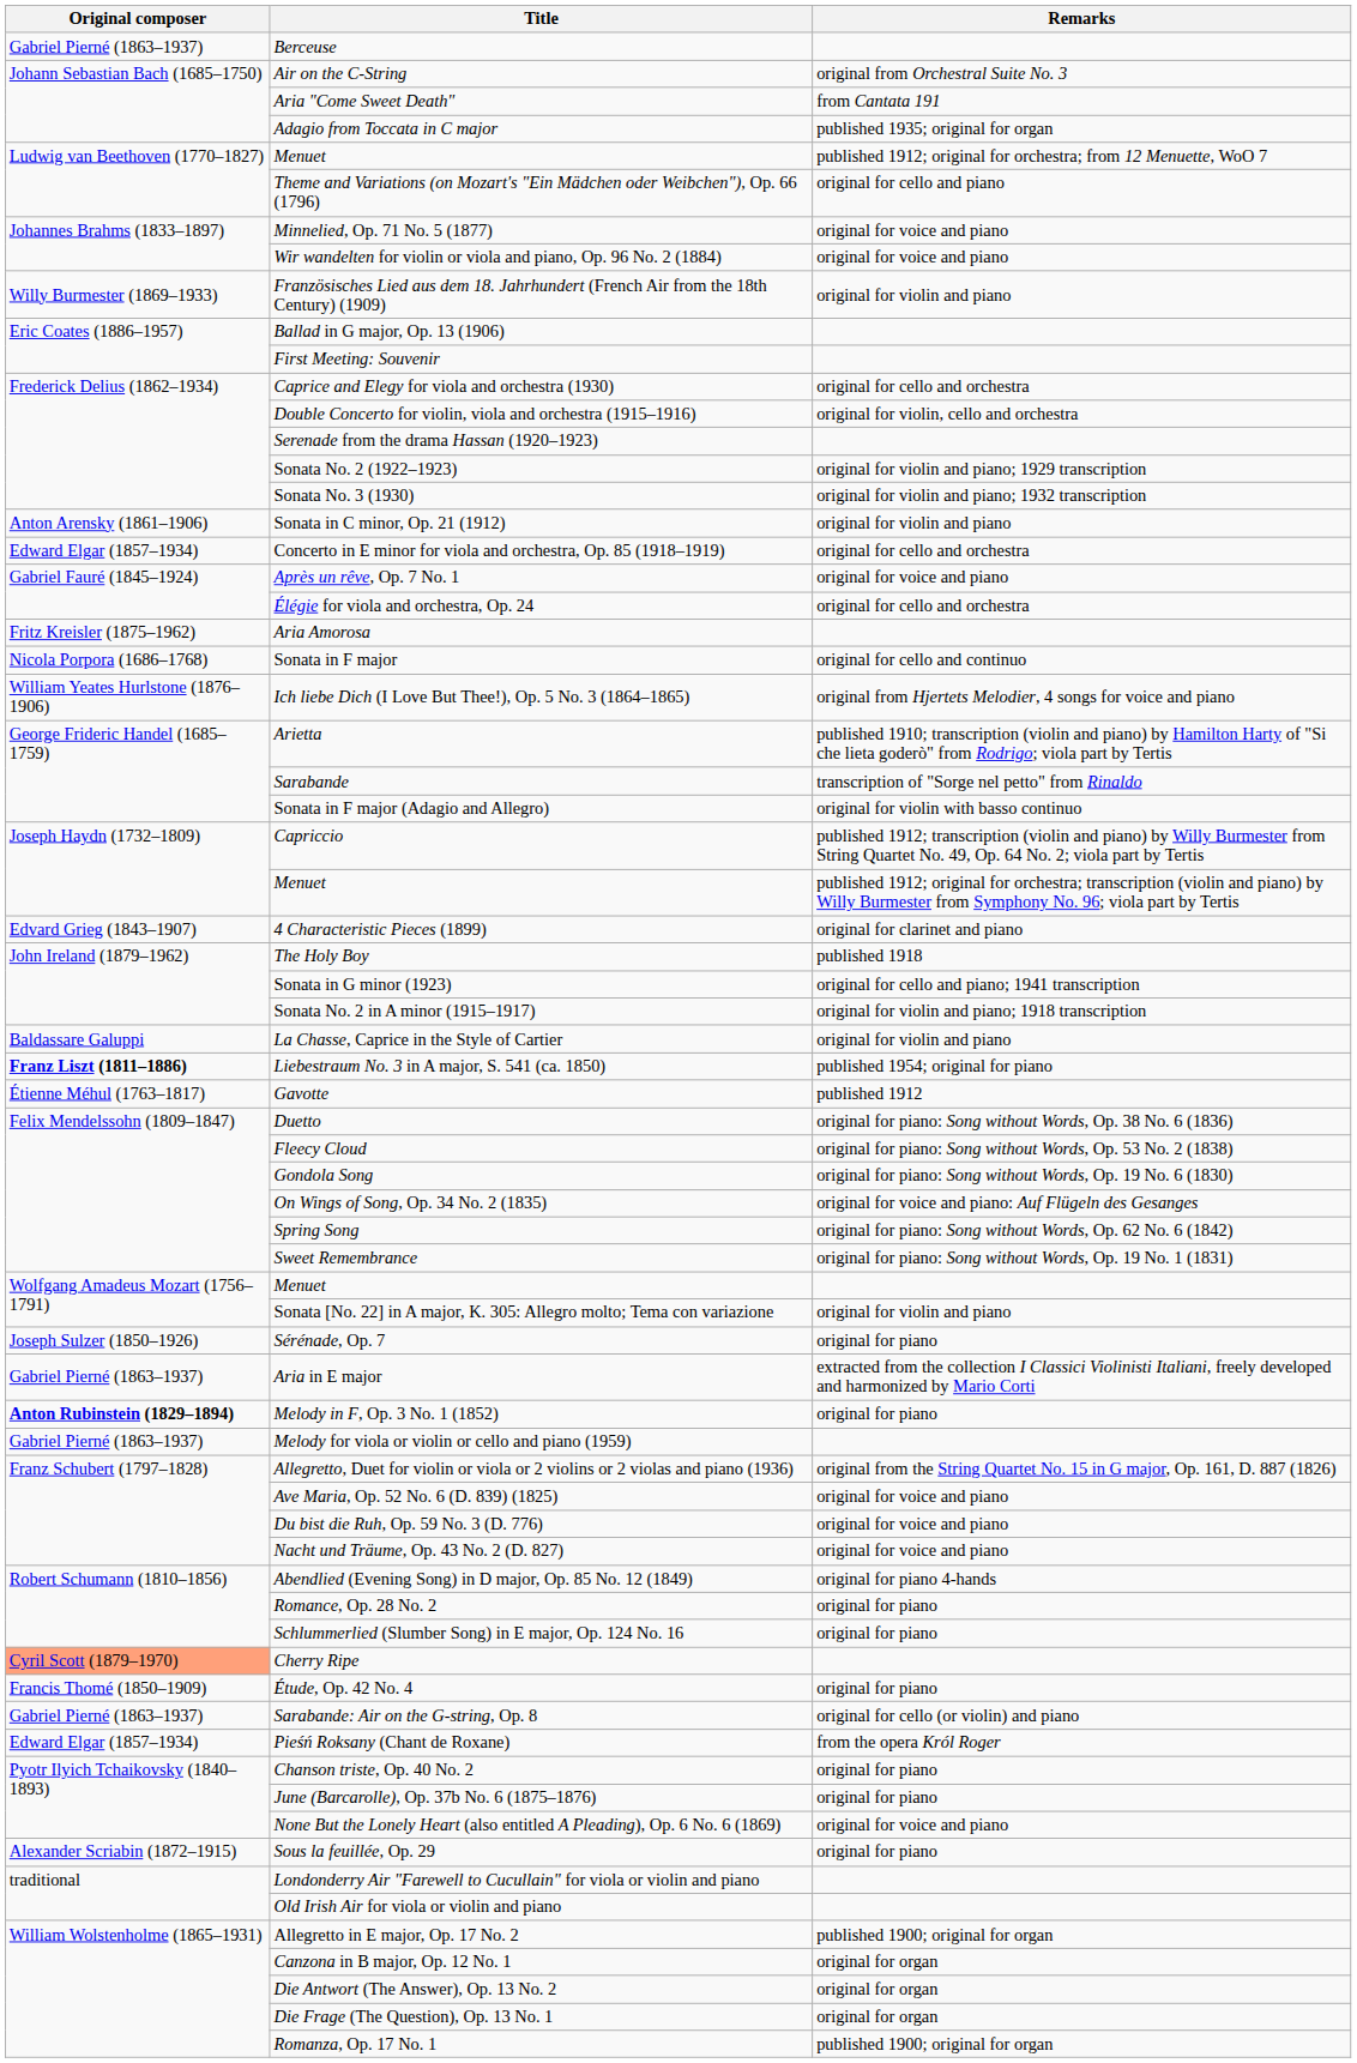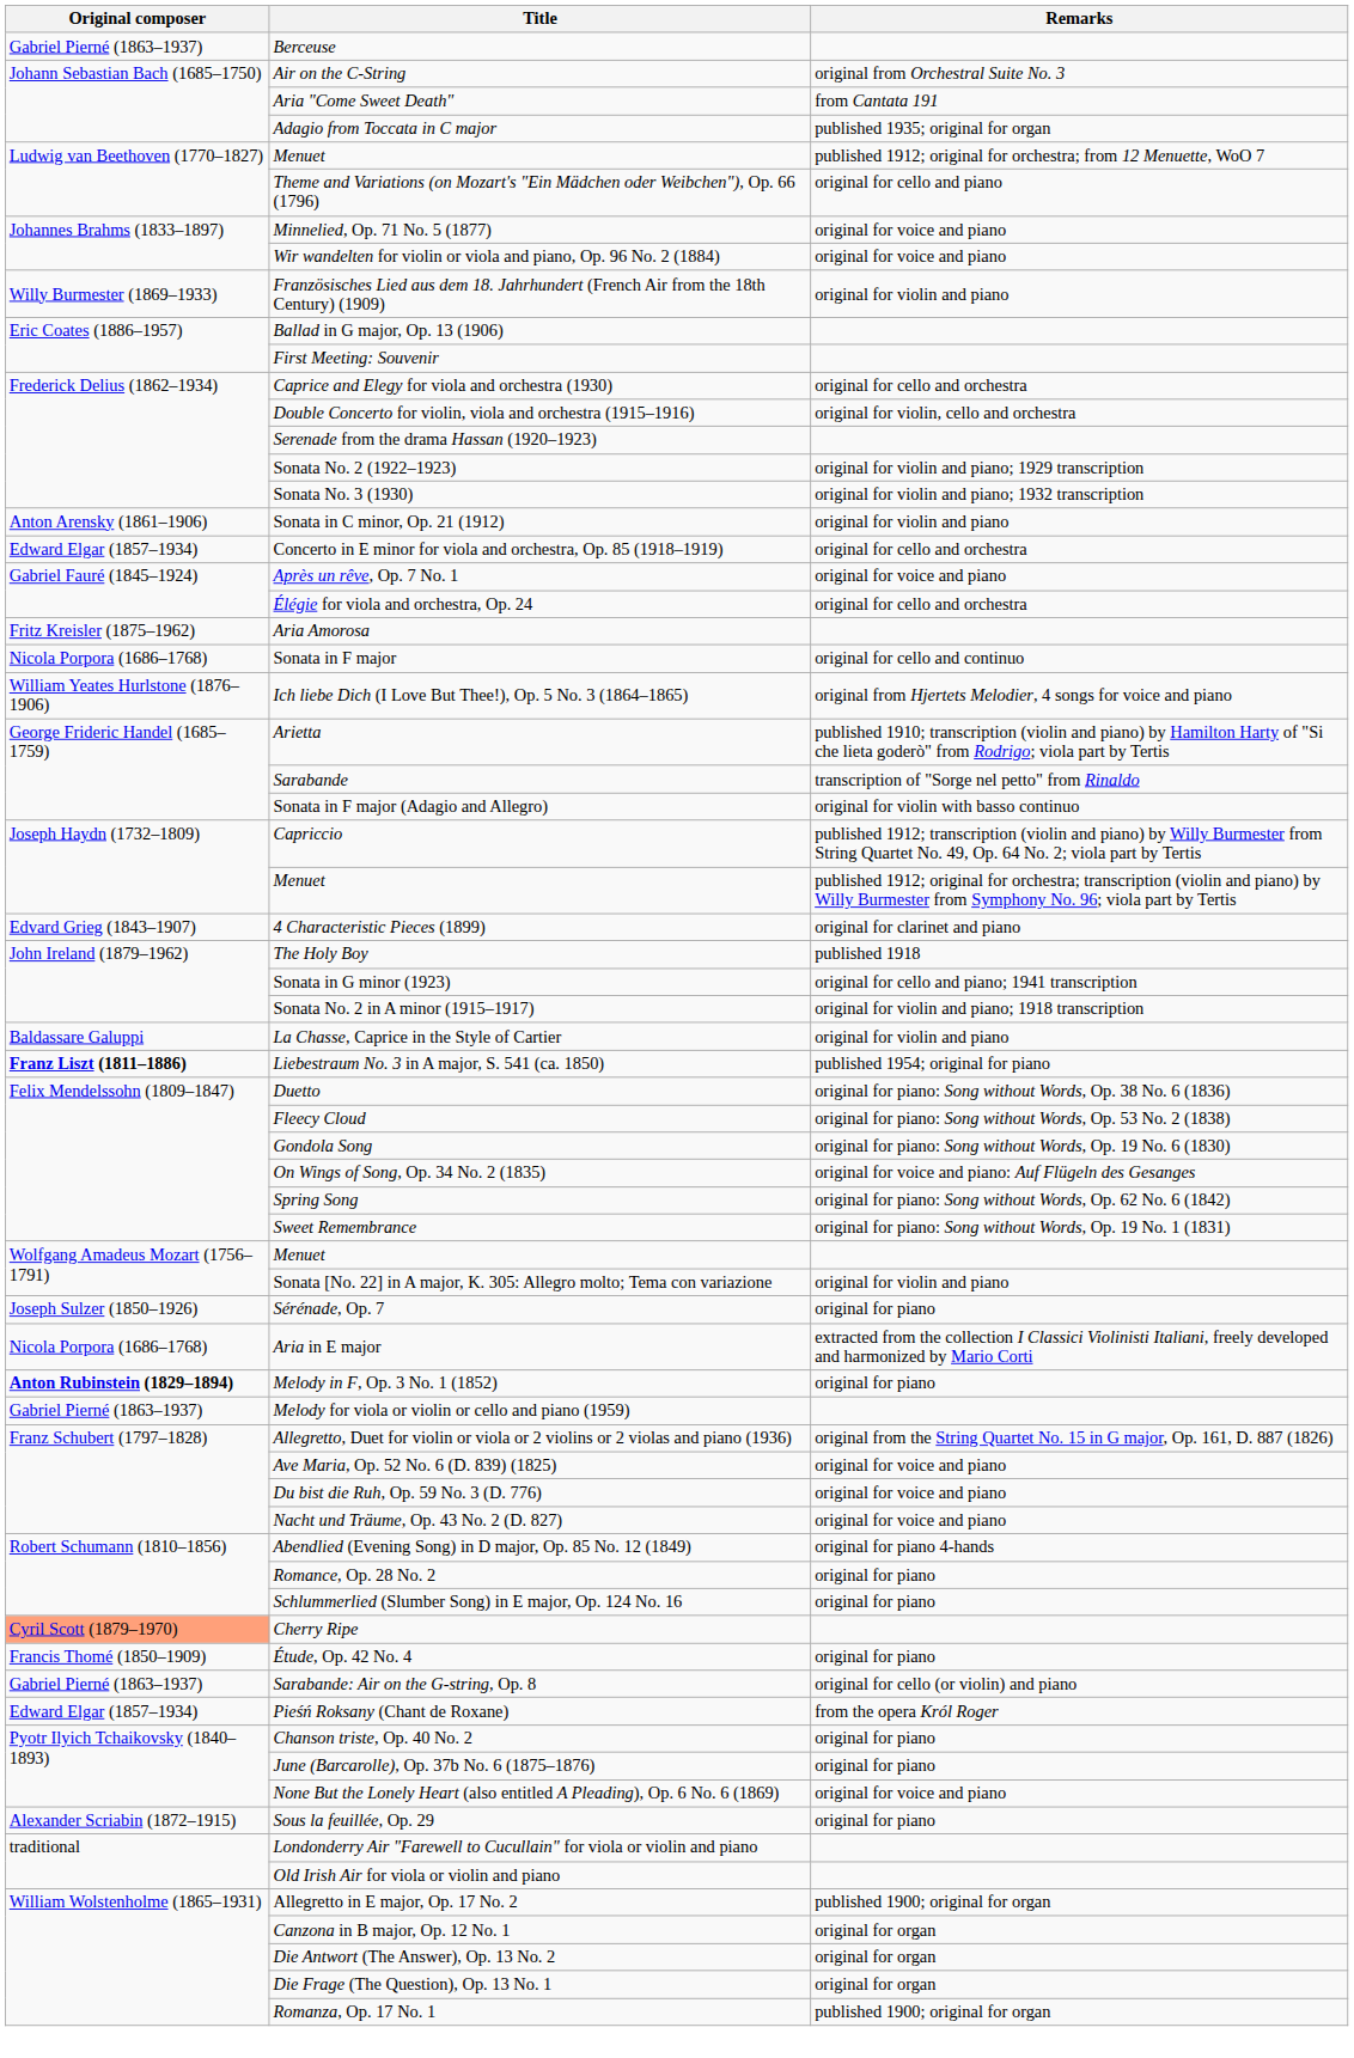 <table class="wikitable" style="margins:auto; width=95%;">
 <tr>
 <th>Original composer</th>
 <th>Title</th>
 <th width="40%">Remarks</th>
 </tr>
 <tr>
 <td><a href='#'>Gabriel Pierné</a> (1863–1937)</td>
 <td><em>Berceuse</em></td>
 <td> </td>
 </tr>
 <tr>
 <td rowspan="3" valign="top"><a href='#'>Johann Sebastian Bach</a> (1685–1750)</td>
 <td><em>Air on the C-String</em></td>
 <td>original from <em>Orchestral Suite No. 3</em></td>
 </tr>
 <tr>
 <td><em>Aria "Come Sweet Death"</em></td>
 <td>from <em>Cantata 191</em></td>
 </tr>
 <tr>
 <td><em>Adagio from Toccata in C major</em></td>
 <td>published 1935; original for organ</td>
 </tr>
 <tr valign="top">
 <td rowspan="2"><a href='#'>Ludwig van Beethoven</a> (1770–1827)</td>
 <td><em>Menuet</em></td>
 <td>published 1912; original for orchestra; from <em>12 Menuette</em>, WoO 7</td>
 </tr>
 <tr valign="top">
 <td><em>Theme and Variations (on Mozart's "Ein Mädchen oder Weibchen")</em>, Op. 66 (1796)</td>
 <td>original for cello and piano</td>
 </tr>
 <tr>
 <td rowspan="2" valign="top"><a href='#'>Johannes Brahms</a> (1833–1897)</td>
 <td><em>Minnelied</em>, Op. 71 No. 5 (1877)</td>
 <td>original for voice and piano</td>
 </tr>
 <tr>
 <td><em>Wir wandelten</em> for violin or viola and piano, Op. 96 No. 2 (1884)</td>
 <td>original for voice and piano</td>
 </tr>
 <tr>
 <td><a href='#'>Willy Burmester</a> (1869–1933)</td>
 <td><em>Französisches Lied aus dem 18. Jahrhundert</em> (French Air from the 18th Century) (1909)</td>
 <td>original for violin and piano</td>
 </tr>
 <tr>
 <td rowspan="2" valign="top"><a href='#'>Eric Coates</a> (1886–1957)</td>
 <td><em>Ballad</em> in G major, Op. 13 (1906)</td>
 <td> </td>
 </tr>
 <tr>
 <td><em>First Meeting: Souvenir</em></td>
 <td> </td>
 </tr>
 <tr>
 <td rowspan="5" valign="top"><a href='#'>Frederick Delius</a> (1862–1934)</td>
 <td><em>Caprice and Elegy</em> for viola and orchestra (1930)</td>
 <td>original for cello and orchestra</td>
 </tr>
 <tr>
 <td><em>Double Concerto</em> for violin, viola and orchestra (1915–1916)</td>
 <td>original for violin, cello and orchestra</td>
 </tr>
 <tr>
 <td><em>Serenade</em> from the drama <em>Hassan</em> (1920–1923)</td>
 <td> </td>
 </tr>
 <tr>
 <td>Sonata No. 2 (1922–1923)</td>
 <td>original for violin and piano; 1929 transcription</td>
 </tr>
 <tr>
 <td>Sonata No. 3 (1930)</td>
 <td>original for violin and piano; 1932 transcription</td>
 </tr>
 <tr>
 <td><a href='#'>Anton Arensky</a> (1861–1906)</td>
 <td>Sonata in C minor, Op. 21 (1912)</td>
 <td>original for violin and piano</td>
 </tr>
 <tr>
 <td><a href='#'>Edward Elgar</a> (1857–1934)</td>
 <td>Concerto in E minor for viola and orchestra, Op. 85 (1918–1919)</td>
 <td>original for cello and orchestra</td>
 </tr>
 <tr>
 <td rowspan="2" valign="top"><a href='#'>Gabriel Fauré</a> (1845–1924)</td>
 <td><em><a href='#'>Après un rêve</a></em>, Op. 7 No. 1</td>
 <td>original for voice and piano</td>
 </tr>
 <tr>
 <td><em><a href='#'>Élégie</a></em> for viola and orchestra, Op. 24</td>
 <td>original for cello and orchestra</td>
 </tr>
 <tr>
 <td><a href='#'>Fritz Kreisler</a> (1875–1962)</td>
 <td><em>Aria Amorosa</em></td>
 <td> </td>
 </tr>
 <tr>
 <td><a href='#'>Nicola Porpora</a> (1686–1768)</td>
 <td>Sonata in F major</td>
 <td>original for cello and continuo</td>
 </tr>
 <tr>
 <td><a href='#'>William Yeates Hurlstone</a> (1876–1906)</td>
 <td><em>Ich liebe Dich</em> (I Love But Thee!), Op. 5 No. 3 (1864–1865)</td>
 <td>original from <em>Hjertets Melodier</em>, 4 songs for voice and piano</td>
 </tr>
 <tr valign="top">
 <td rowspan="3"><a href='#'>George Frideric Handel</a> (1685–1759)</td>
 <td><em>Arietta</em></td>
 <td>published 1910; transcription (violin and piano) by <a href='#'>Hamilton Harty</a> of "Si che lieta goderò" from <em><a href='#'>Rodrigo</a></em>; viola part by Tertis</td>
 </tr>
 <tr>
 <td><em>Sarabande</em></td>
 <td>transcription of "Sorge nel petto" from <em><a href='#'>Rinaldo</a></em></td>
 </tr>
 <tr>
 <td>Sonata in F major (Adagio and Allegro)</td>
 <td>original for violin with basso continuo</td>
 </tr>
 <tr valign="top">
 <td rowspan="2"><a href='#'>Joseph Haydn</a> (1732–1809)</td>
 <td><em>Capriccio</em></td>
 <td>published 1912; transcription (violin and piano) by <a href='#'>Willy Burmester</a> from String Quartet No. 49, Op. 64 No. 2; viola part by Tertis</td>
 </tr>
 <tr valign="top">
 <td><em>Menuet</em></td>
 <td>published 1912; original for orchestra; transcription (violin and piano) by <a href='#'>Willy Burmester</a> from <a href='#'>Symphony No. 96</a>; viola part by Tertis</td>
 </tr>
 <tr>
 <td><a href='#'>Edvard Grieg</a> (1843–1907)</td>
 <td><em>4 Characteristic Pieces</em> (1899)</td>
 <td>original for clarinet and piano</td>
 </tr>
 <tr>
 <td rowspan="3" valign="top"><a href='#'>John Ireland</a> (1879–1962)</td>
 <td><em>The Holy Boy</em></td>
 <td>published 1918</td>
 </tr>
 <tr>
 <td>Sonata in G minor (1923)</td>
 <td>original for cello and piano; 1941 transcription</td>
 </tr>
 <tr>
 <td>Sonata No. 2 in A minor (1915–1917)</td>
 <td>original for violin and piano; 1918 transcription</td>
 </tr>
 <tr>
 <td><a href='#'>Baldassare Galuppi</a></td>
 <td><em>La Chasse</em>, Caprice in the Style of Cartier</td>
 <td>original for violin and piano</td>
 </tr>
 <tr>
 <td><strong><a href='#'>Franz Liszt</a> (1811–1886)</strong></td>
 <td><em>Liebestraum No. 3</em> in A major, S. 541 (ca. 1850)</td>
 <td>published 1954; original for piano</td>
 </tr>
 <tr>
-<td><a href='#'>Étienne Méhul</a> (1763–1817)</td>
-<td><em>Gavotte</em></td>
-<td>published 1912</td>
-</tr>
-<tr>
 <td rowspan="6" valign="top"><a href='#'>Felix Mendelssohn</a> (1809–1847)</td>
 <td><em>Duetto</em></td>
 <td>original for piano: <em>Song without Words</em>, Op. 38 No. 6 (1836)</td>
 </tr>
 <tr>
 <td><em>Fleecy Cloud</em></td>
 <td>original for piano: <em>Song without Words</em>, Op. 53 No. 2 (1838)</td>
 </tr>
 <tr>
 <td><em>Gondola Song</em></td>
 <td>original for piano: <em>Song without Words</em>, Op. 19 No. 6 (1830)</td>
 </tr>
 <tr>
 <td><em>On Wings of Song</em>, Op. 34 No. 2 (1835)</td>
 <td>original for voice and piano: <em>Auf Flügeln des Gesanges</em></td>
 </tr>
 <tr>
 <td><em>Spring Song</em></td>
 <td>original for piano: <em>Song without Words</em>, Op. 62 No. 6 (1842)</td>
 </tr>
 <tr>
 <td><em>Sweet Remembrance</em></td>
 <td>original for piano: <em>Song without Words</em>, Op. 19 No. 1 (1831)</td>
 </tr>
 <tr>
 <td rowspan="2" valign="top"><a href='#'>Wolfgang Amadeus Mozart</a> (1756–1791)</td>
 <td><em>Menuet</em></td>
 <td></td>
 </tr>
 <tr>
 <td>Sonata [No. 22] in A major, K. 305: Allegro molto; Tema con variazione</td>
 <td>original for violin and piano</td>
 </tr>
 <tr>
 <td><a href='#'>Joseph Sulzer</a> (1850–1926)</td>
 <td><em>Sérénade</em>, Op. 7</td>
 <td>original for piano</td>
 </tr>
 <tr>
-<td><a href='#'>Gabriel Pierné</a> (1863–1937)</td>
+<td><a href='#'>Nicola Porpora</a> (1686–1768)</td>
 <td><em>Aria</em> in E major</td>
 <td>extracted from the collection <em>I Classici Violinisti Italiani</em>, freely developed and harmonized by <a href='#'>Mario Corti</a></td>
 </tr>
 <tr>
 <td><strong><a href='#'>Anton Rubinstein</a> (1829–1894)</strong></td>
 <td><em>Melody in F</em>, Op. 3 No. 1 (1852)</td>
 <td>original for piano</td>
 </tr>
 <tr>
 <td><a href='#'>Gabriel Pierné</a> (1863–1937)</td>
 <td><em>Melody</em> for viola or violin or cello and piano (1959)</td>
 <td> </td>
 </tr>
 <tr>
 <td rowspan="4" valign="top"><a href='#'>Franz Schubert</a> (1797–1828)</td>
 <td><em>Allegretto</em>, Duet for violin or viola or 2 violins or 2 violas and piano (1936)</td>
 <td>original from the <a href='#'>String Quartet No. 15 in G major</a>, Op. 161, D. 887 (1826)</td>
 </tr>
 <tr>
 <td><em>Ave Maria</em>, Op. 52 No. 6 (D. 839) (1825)</td>
 <td>original for voice and piano</td>
 </tr>
 <tr>
 <td><em>Du bist die Ruh</em>, Op. 59 No. 3 (D. 776)</td>
 <td>original for voice and piano</td>
 </tr>
 <tr>
 <td><em>Nacht und Träume</em>, Op. 43 No. 2 (D. 827)</td>
 <td>original for voice and piano</td>
 </tr>
 <tr>
 <td rowspan="3" valign="top"><a href='#'>Robert Schumann</a> (1810–1856)</td>
 <td><em>Abendlied</em> (Evening Song) in D major, Op. 85 No. 12 (1849)</td>
 <td>original for piano 4-hands</td>
 </tr>
 <tr>
 <td><em>Romance</em>, Op. 28 No. 2</td>
 <td>original for piano</td>
 </tr>
 <tr>
 <td><em>Schlummerlied</em> (Slumber Song) in E major, Op. 124 No. 16</td>
 <td>original for piano</td>
 </tr>
 <tr>
 <td style="background: lightsalmon;"><a href='#'>Cyril Scott</a> (1879–1970)</td>
 <td><em>Cherry Ripe</em></td>
 <td> </td>
 </tr>
 <tr>
 <td><a href='#'>Francis Thomé</a> (1850–1909)</td>
 <td><em>Étude</em>, Op. 42 No. 4</td>
 <td>original for piano</td>
 </tr>
 <tr>
 <td><a href='#'>Gabriel Pierné</a> (1863–1937)</td>
 <td><em>Sarabande: Air on the G-string</em>, Op. 8</td>
 <td>original for cello (or violin) and piano</td>
 </tr>
 <tr>
 <td><a href='#'>Edward Elgar</a> (1857–1934)</td>
 <td><em>Pieśń Roksany</em> (Chant de Roxane)</td>
 <td>from the opera <em>Król Roger</em></td>
 </tr>
 <tr>
 <td rowspan="3" valign="top"><a href='#'>Pyotr Ilyich Tchaikovsky</a> (1840–1893)</td>
 <td><em>Chanson triste</em>, Op. 40 No. 2</td>
 <td>original for piano</td>
 </tr>
 <tr>
 <td><em>June (Barcarolle)</em>, Op. 37b No. 6 (1875–1876)</td>
 <td>original for piano</td>
 </tr>
 <tr>
 <td><em>None But the Lonely Heart</em> (also entitled <em>A Pleading</em>), Op. 6 No. 6 (1869)</td>
 <td>original for voice and piano</td>
 </tr>
 <tr>
 <td><a href='#'>Alexander Scriabin</a> (1872–1915)</td>
 <td><em>Sous la feuillée</em>, Op. 29</td>
 <td>original for piano</td>
 </tr>
 <tr>
 <td rowspan="2" valign="top">traditional</td>
 <td><em>Londonderry Air "Farewell to Cucullain"</em> for viola or violin and piano</td>
 <td> </td>
 </tr>
 <tr>
 <td><em>Old Irish Air</em> for viola or violin and piano</td>
 <td> </td>
 </tr>
 <tr>
 <td rowspan="5" valign="top"><a href='#'>William Wolstenholme</a> (1865–1931)</td>
 <td>Allegretto in E major, Op. 17 No. 2</td>
 <td>published 1900; original for organ</td>
 </tr>
 <tr>
 <td><em>Canzona</em> in B major, Op. 12 No. 1</td>
 <td>original for organ</td>
 </tr>
 <tr>
 <td><em>Die Antwort</em> (The Answer), Op. 13 No. 2</td>
 <td>original for organ</td>
 </tr>
 <tr>
 <td><em>Die Frage</em> (The Question), Op. 13 No. 1</td>
 <td>original for organ</td>
 </tr>
 <tr>
 <td><em>Romanza</em>, Op. 17 No. 1</td>
 <td>published 1900; original for organ</td>
 </tr>
 </table>
